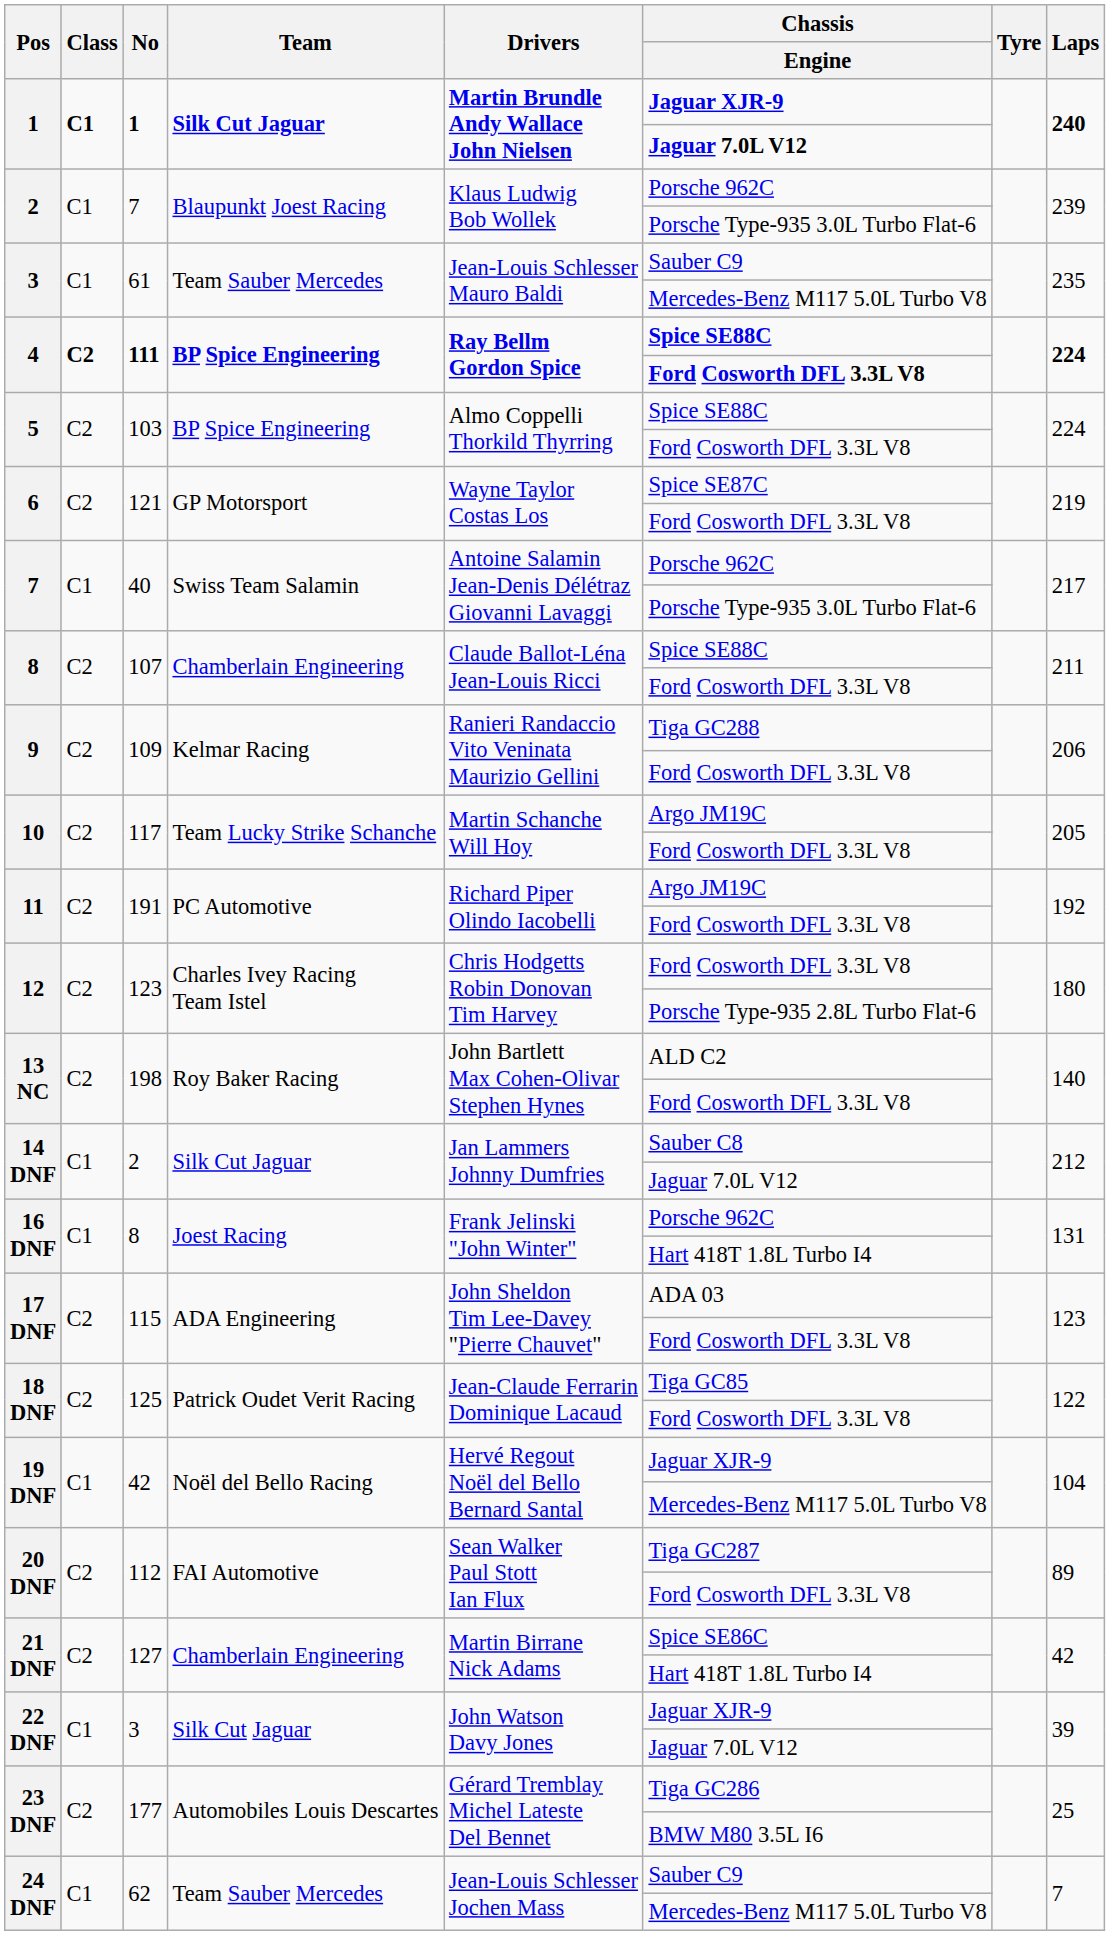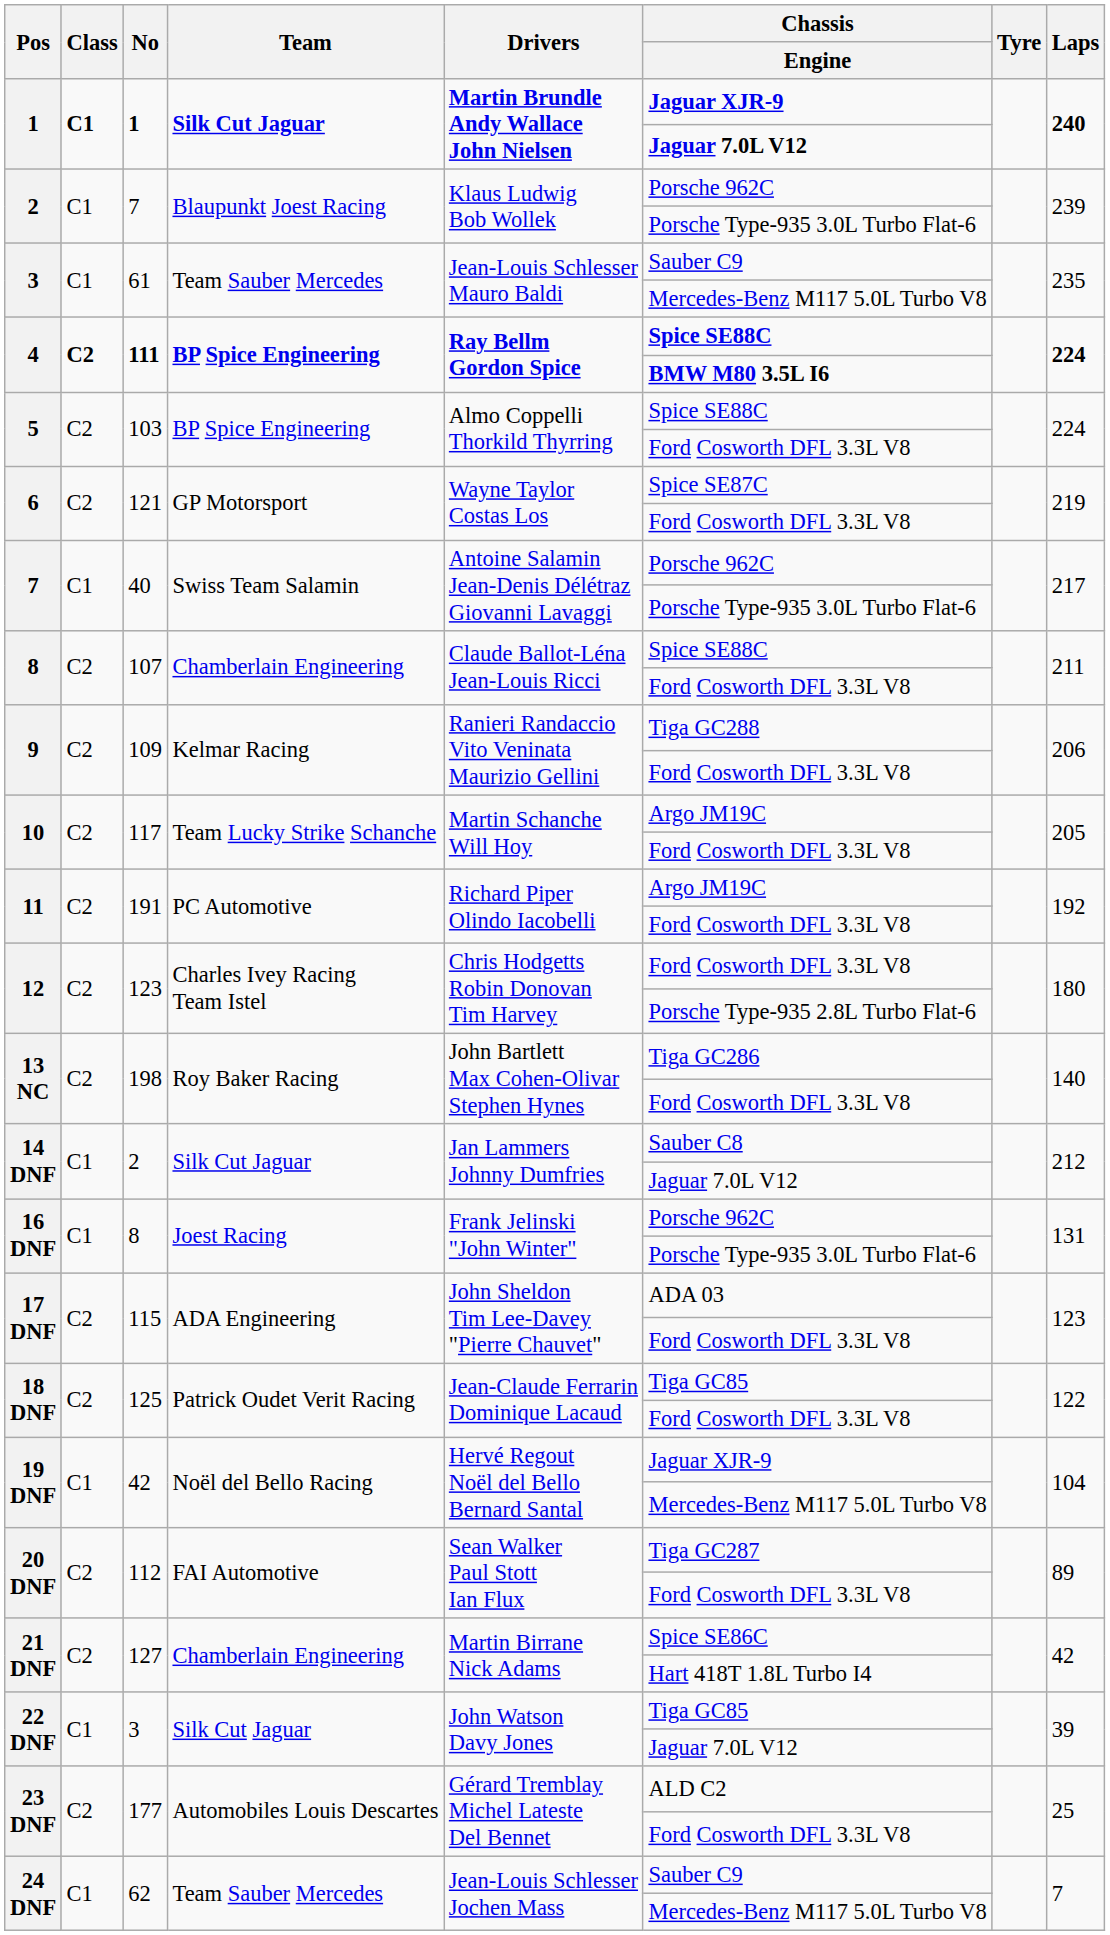 <table class="wikitable" style="font-size: 95%;">
 <tr>
 <th rowspan=2>Pos</th>
 <th rowspan=2>Class</th>
 <th rowspan=2>No</th>
 <th rowspan=2>Team</th>
 <th rowspan=2>Drivers</th>
 <th>Chassis</th>
 <th rowspan=2>Tyre</th>
 <th rowspan=2>Laps</th>
 </tr>
 <tr>
 <th>Engine</th>
 </tr>
 <tr style="font-weight:bold">
 <th rowspan=2>1</th>
 <td rowspan=2>C1</td>
 <td rowspan=2>1</td>
 <td rowspan=2> <a href='#'>Silk Cut Jaguar</a></td>
 <td rowspan=2> <a href='#'>Martin Brundle</a><br> <a href='#'>Andy Wallace</a><br> <a href='#'>John Nielsen</a></td>
 <td><a href='#'>Jaguar XJR-9</a></td>
 <td rowspan=2></td>
 <td rowspan=2>240</td>
 </tr>
 <tr style="font-weight:bold">
 <td><a href='#'>Jaguar</a> 7.0L V12</td>
 </tr>
 <tr>
 <th rowspan=2>2</th>
 <td rowspan=2>C1</td>
 <td rowspan=2>7</td>
 <td rowspan=2> <a href='#'>Blaupunkt</a> <a href='#'>Joest Racing</a></td>
 <td rowspan=2> <a href='#'>Klaus Ludwig</a><br> <a href='#'>Bob Wollek</a></td>
 <td><a href='#'>Porsche 962C</a></td>
 <td rowspan=2></td>
 <td rowspan=2>239</td>
 </tr>
 <tr>
 <td><a href='#'>Porsche</a> Type-935 3.0L Turbo Flat-6</td>
 </tr>
 <tr>
 <th rowspan=2>3</th>
 <td rowspan=2>C1</td>
 <td rowspan=2>61</td>
 <td rowspan=2> Team <a href='#'>Sauber</a> <a href='#'>Mercedes</a></td>
 <td rowspan=2> <a href='#'>Jean-Louis Schlesser</a><br> <a href='#'>Mauro Baldi</a></td>
 <td><a href='#'>Sauber C9</a></td>
 <td rowspan=2></td>
 <td rowspan=2>235</td>
 </tr>
 <tr>
 <td><a href='#'>Mercedes-Benz</a> M117 5.0L Turbo V8</td>
 </tr>
 <tr style="font-weight:bold">
 <th rowspan=2>4</th>
 <td rowspan=2>C2</td>
 <td rowspan=2>111</td>
 <td rowspan=2> <a href='#'>BP</a> <a href='#'>Spice Engineering</a></td>
 <td rowspan=2> <a href='#'>Ray Bellm</a><br> <a href='#'>Gordon Spice</a></td>
 <td><a href='#'>Spice SE88C</a></td>
 <td rowspan=2></td>
 <td rowspan=2>224</td>
 </tr>
 <tr style="font-weight:bold">
-<td><a href='#'>Ford</a> <a href='#'>Cosworth DFL</a> 3.3L V8</td>
+<td><a href='#'>BMW M80</a> 3.5L I6</td>
 </tr>
 <tr>
 <th rowspan=2>5</th>
 <td rowspan=2>C2</td>
 <td rowspan=2>103</td>
 <td rowspan=2> <a href='#'>BP</a> <a href='#'>Spice Engineering</a></td>
 <td rowspan=2> Almo Coppelli<br> <a href='#'>Thorkild Thyrring</a></td>
 <td><a href='#'>Spice SE88C</a></td>
 <td rowspan=2></td>
 <td rowspan=2>224</td>
 </tr>
 <tr>
 <td><a href='#'>Ford</a> <a href='#'>Cosworth DFL</a> 3.3L V8</td>
 </tr>
 <tr>
 <th rowspan=2>6</th>
 <td rowspan=2>C2</td>
 <td rowspan=2>121</td>
 <td rowspan=2> GP Motorsport</td>
 <td rowspan=2> <a href='#'>Wayne Taylor</a><br> <a href='#'>Costas Los</a></td>
 <td><a href='#'>Spice SE87C</a></td>
 <td rowspan=2></td>
 <td rowspan=2>219</td>
 </tr>
 <tr>
 <td><a href='#'>Ford</a> <a href='#'>Cosworth DFL</a> 3.3L V8</td>
 </tr>
 <tr>
 <th rowspan=2>7</th>
 <td rowspan=2>C1</td>
 <td rowspan=2>40</td>
 <td rowspan=2> Swiss Team Salamin</td>
 <td rowspan=2> <a href='#'>Antoine Salamin</a><br> <a href='#'>Jean-Denis Délétraz</a><br> <a href='#'>Giovanni Lavaggi</a></td>
 <td><a href='#'>Porsche 962C</a></td>
 <td rowspan=2></td>
 <td rowspan=2>217</td>
 </tr>
 <tr>
 <td><a href='#'>Porsche</a> Type-935 3.0L Turbo Flat-6</td>
 </tr>
 <tr>
 <th rowspan=2>8</th>
 <td rowspan=2>C2</td>
 <td rowspan=2>107</td>
 <td rowspan=2> <a href='#'>Chamberlain Engineering</a></td>
 <td rowspan=2> <a href='#'>Claude Ballot-Léna</a><br> <a href='#'>Jean-Louis Ricci</a></td>
 <td><a href='#'>Spice SE88C</a></td>
 <td rowspan=2></td>
 <td rowspan=2>211</td>
 </tr>
 <tr>
 <td><a href='#'>Ford</a> <a href='#'>Cosworth DFL</a> 3.3L V8</td>
 </tr>
 <tr>
 <th rowspan=2>9</th>
 <td rowspan=2>C2</td>
 <td rowspan=2>109</td>
 <td rowspan=2> Kelmar Racing</td>
 <td rowspan=2> <a href='#'>Ranieri Randaccio</a><br> <a href='#'>Vito Veninata</a><br> <a href='#'>Maurizio Gellini</a></td>
 <td><a href='#'>Tiga GC288</a></td>
 <td rowspan=2></td>
 <td rowspan=2>206</td>
 </tr>
 <tr>
 <td><a href='#'>Ford</a> <a href='#'>Cosworth DFL</a> 3.3L V8</td>
 </tr>
 <tr>
 <th rowspan=2>10</th>
 <td rowspan=2>C2</td>
 <td rowspan=2>117</td>
 <td rowspan=2> Team <a href='#'>Lucky Strike</a> <a href='#'>Schanche</a></td>
 <td rowspan=2> <a href='#'>Martin Schanche</a><br> <a href='#'>Will Hoy</a></td>
 <td><a href='#'>Argo JM19C</a></td>
 <td rowspan=2></td>
 <td rowspan=2>205</td>
 </tr>
 <tr>
 <td><a href='#'>Ford</a> <a href='#'>Cosworth DFL</a> 3.3L V8</td>
 </tr>
 <tr>
 <th rowspan=2>11</th>
 <td rowspan=2>C2</td>
 <td rowspan=2>191</td>
 <td rowspan=2> PC Automotive</td>
 <td rowspan=2> <a href='#'>Richard Piper</a><br> <a href='#'>Olindo Iacobelli</a></td>
 <td><a href='#'>Argo JM19C</a></td>
 <td rowspan=2></td>
 <td rowspan=2>192</td>
 </tr>
 <tr>
 <td><a href='#'>Ford</a> <a href='#'>Cosworth DFL</a> 3.3L V8</td>
 </tr>
 <tr>
 <th rowspan=2>12</th>
 <td rowspan=2>C2</td>
 <td rowspan=2>123</td>
 <td rowspan=2> Charles Ivey Racing<br> Team Istel</td>
 <td rowspan=2> <a href='#'>Chris Hodgetts</a><br> <a href='#'>Robin Donovan</a><br> <a href='#'>Tim Harvey</a></td>
 <td><a href='#'>Ford</a> <a href='#'>Cosworth DFL</a> 3.3L V8</td>
 <td rowspan=2></td>
 <td rowspan=2>180</td>
 </tr>
 <tr>
 <td><a href='#'>Porsche</a> Type-935 2.8L Turbo Flat-6</td>
 </tr>
 <tr>
 <th rowspan=2>13<br>NC</th>
 <td rowspan=2>C2</td>
 <td rowspan=2>198</td>
 <td rowspan=2> Roy Baker Racing</td>
 <td rowspan=2> John Bartlett<br> <a href='#'>Max Cohen-Olivar</a><br> <a href='#'>Stephen Hynes</a></td>
-<td>ALD C2</td>
+<td><a href='#'>Tiga GC286</a></td>
 <td rowspan=2></td>
 <td rowspan=2>140</td>
 </tr>
 <tr>
 <td><a href='#'>Ford</a> <a href='#'>Cosworth DFL</a> 3.3L V8</td>
 </tr>
 <tr>
 <th rowspan=2>14<br>DNF</th>
 <td rowspan=2>C1</td>
 <td rowspan=2>2</td>
 <td rowspan=2> <a href='#'>Silk Cut Jaguar</a></td>
 <td rowspan=2> <a href='#'>Jan Lammers</a><br> <a href='#'>Johnny Dumfries</a></td>
 <td><a href='#'>Sauber C8</a></td>
 <td rowspan=2></td>
 <td rowspan=2>212</td>
 </tr>
 <tr>
 <td><a href='#'>Jaguar</a> 7.0L V12</td>
 </tr>
 <tr>
 <th rowspan=2>16<br>DNF</th>
 <td rowspan=2>C1</td>
 <td rowspan=2>8</td>
 <td rowspan=2> <a href='#'>Joest Racing</a></td>
 <td rowspan=2> <a href='#'>Frank Jelinski</a><br> <a href='#'>"John Winter"</a></td>
 <td><a href='#'>Porsche 962C</a></td>
 <td rowspan=2></td>
 <td rowspan=2>131</td>
 </tr>
 <tr>
-<td><a href='#'>Hart</a> 418T 1.8L Turbo I4</td>
+<td><a href='#'>Porsche</a> Type-935 3.0L Turbo Flat-6</td>
 </tr>
 <tr>
 <th rowspan=2>17<br>DNF</th>
 <td rowspan=2>C2</td>
 <td rowspan=2>115</td>
 <td rowspan=2> ADA Engineering</td>
 <td rowspan=2> <a href='#'>John Sheldon</a><br> <a href='#'>Tim Lee-Davey</a><br> "<a href='#'>Pierre Chauvet</a>"</td>
 <td>ADA 03</td>
 <td rowspan=2></td>
 <td rowspan=2>123</td>
 </tr>
 <tr>
 <td><a href='#'>Ford</a> <a href='#'>Cosworth DFL</a> 3.3L V8</td>
 </tr>
 <tr>
 <th rowspan=2>18<br>DNF</th>
 <td rowspan=2>C2</td>
 <td rowspan=2>125</td>
 <td rowspan=2> Patrick Oudet Verit Racing</td>
 <td rowspan=2> <a href='#'>Jean-Claude Ferrarin</a><br> <a href='#'>Dominique Lacaud</a></td>
 <td><a href='#'>Tiga GC85</a></td>
 <td rowspan=2></td>
 <td rowspan=2>122</td>
 </tr>
 <tr>
 <td><a href='#'>Ford</a> <a href='#'>Cosworth DFL</a> 3.3L V8</td>
 </tr>
 <tr>
 <th rowspan=2>19<br>DNF</th>
 <td rowspan=2>C1</td>
 <td rowspan=2>42</td>
 <td rowspan=2> Noël del Bello Racing</td>
 <td rowspan=2> <a href='#'>Hervé Regout</a><br> <a href='#'>Noël del Bello</a><br> <a href='#'>Bernard Santal</a></td>
 <td><a href='#'>Jaguar XJR-9</a></td>
 <td rowspan=2></td>
 <td rowspan=2>104</td>
 </tr>
 <tr>
 <td><a href='#'>Mercedes-Benz</a> M117 5.0L Turbo V8</td>
 </tr>
 <tr>
 <th rowspan=2>20<br>DNF</th>
 <td rowspan=2>C2</td>
 <td rowspan=2>112</td>
 <td rowspan=2> FAI Automotive</td>
 <td rowspan=2> <a href='#'>Sean Walker</a><br> <a href='#'>Paul Stott</a><br> <a href='#'>Ian Flux</a></td>
 <td><a href='#'>Tiga GC287</a></td>
 <td rowspan=2></td>
 <td rowspan=2>89</td>
 </tr>
 <tr>
 <td><a href='#'>Ford</a> <a href='#'>Cosworth DFL</a> 3.3L V8</td>
 </tr>
 <tr>
 <th rowspan=2>21<br>DNF</th>
 <td rowspan=2>C2</td>
 <td rowspan=2>127</td>
 <td rowspan=2> <a href='#'>Chamberlain Engineering</a></td>
 <td rowspan=2> <a href='#'>Martin Birrane</a><br> <a href='#'>Nick Adams</a></td>
 <td><a href='#'>Spice SE86C</a></td>
 <td rowspan=2></td>
 <td rowspan=2>42</td>
 </tr>
 <tr>
 <td><a href='#'>Hart</a> 418T 1.8L Turbo I4</td>
 </tr>
 <tr>
 <th rowspan=2>22<br>DNF</th>
 <td rowspan=2>C1</td>
 <td rowspan=2>3</td>
 <td rowspan=2> <a href='#'>Silk Cut</a> <a href='#'>Jaguar</a></td>
 <td rowspan=2> <a href='#'>John Watson</a><br> <a href='#'>Davy Jones</a></td>
-<td><a href='#'>Jaguar XJR-9</a></td>
+<td><a href='#'>Tiga GC85</a></td>
 <td rowspan=2></td>
 <td rowspan=2>39</td>
 </tr>
 <tr>
 <td><a href='#'>Jaguar</a> 7.0L V12</td>
 </tr>
 <tr>
 <th rowspan=2>23<br>DNF</th>
 <td rowspan=2>C2</td>
 <td rowspan=2>177</td>
 <td rowspan=2> Automobiles Louis Descartes</td>
 <td rowspan=2> <a href='#'>Gérard Tremblay</a><br> <a href='#'>Michel Lateste</a><br> <a href='#'>Del Bennet</a></td>
-<td><a href='#'>Tiga GC286</a></td>
+<td>ALD C2</td>
 <td rowspan=2></td>
 <td rowspan=2>25</td>
 </tr>
 <tr>
-<td><a href='#'>BMW M80</a> 3.5L I6</td>
+<td><a href='#'>Ford</a> <a href='#'>Cosworth DFL</a> 3.3L V8</td>
 </tr>
 <tr>
 <th rowspan=2>24<br>DNF</th>
 <td rowspan=2>C1</td>
 <td rowspan=2>62</td>
 <td rowspan=2> Team <a href='#'>Sauber</a> <a href='#'>Mercedes</a></td>
 <td rowspan=2> <a href='#'>Jean-Louis Schlesser</a><br> <a href='#'>Jochen Mass</a></td>
 <td><a href='#'>Sauber C9</a></td>
 <td rowspan=2></td>
 <td rowspan=2>7</td>
 </tr>
 <tr>
 <td><a href='#'>Mercedes-Benz</a> M117 5.0L Turbo V8</td>
 </tr>
 </table>
